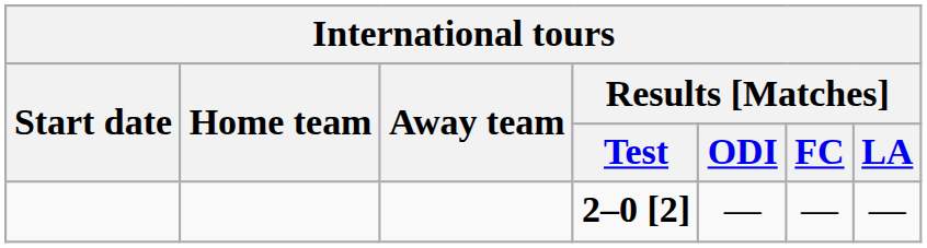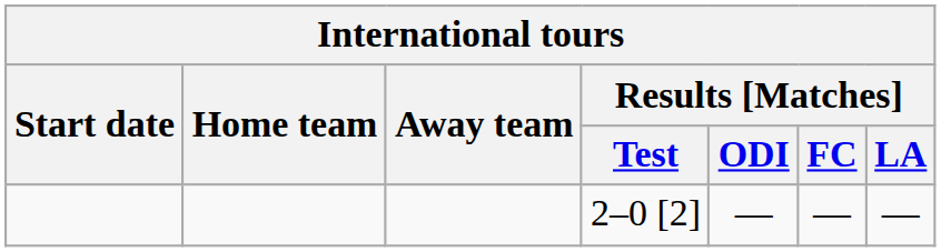 <table class="wikitable">
 <tr>
 <th colspan="7">International tours</th>
 </tr>
 <tr>
 <th rowspan="2">Start date</th>
 <th rowspan="2">Home team</th>
 <th rowspan="2">Away team</th>
 <th colspan="4">Results [Matches]</th>
 </tr>
 <tr>
 <th><a href='#'>Test</a></th>
 <th><a href='#'>ODI</a></th>
 <th><a href='#'>FC</a></th>
 <th><a href='#'>LA</a></th>
 </tr>
 <tr>
 <td><a href='#'></a></td>
 <td></td>
 <td></td>
-<td><strong>2–0 [2]</strong></td>
+<td>2–0 [2]</td>
 <td ; style="text-align:center">—</td>
 <td ; style="text-align:center">—</td>
 <td ; style="text-align:center">—</td>
 </tr>
 </table>
